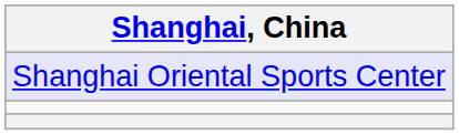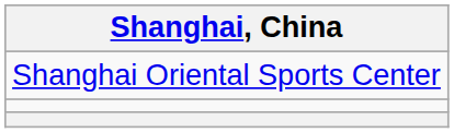 <table class="wikitable" style="text-align:center">
 <tr>
 <th><a href='#'>Shanghai</a>, China</th>
 </tr>
 <tr>
-<td style="background: lavender;"><a href='#'>Shanghai Oriental Sports Center</a></td>
+<td><a href='#'>Shanghai Oriental Sports Center</a></td>
 </tr>
 <tr>
 <td></td>
 </tr>
 <tr>
 <th></th>
 </tr>
 </table>
